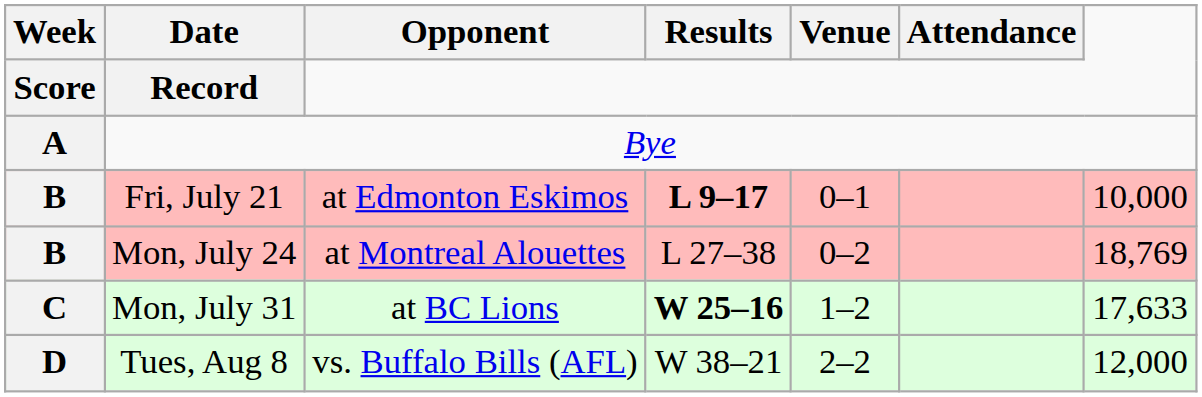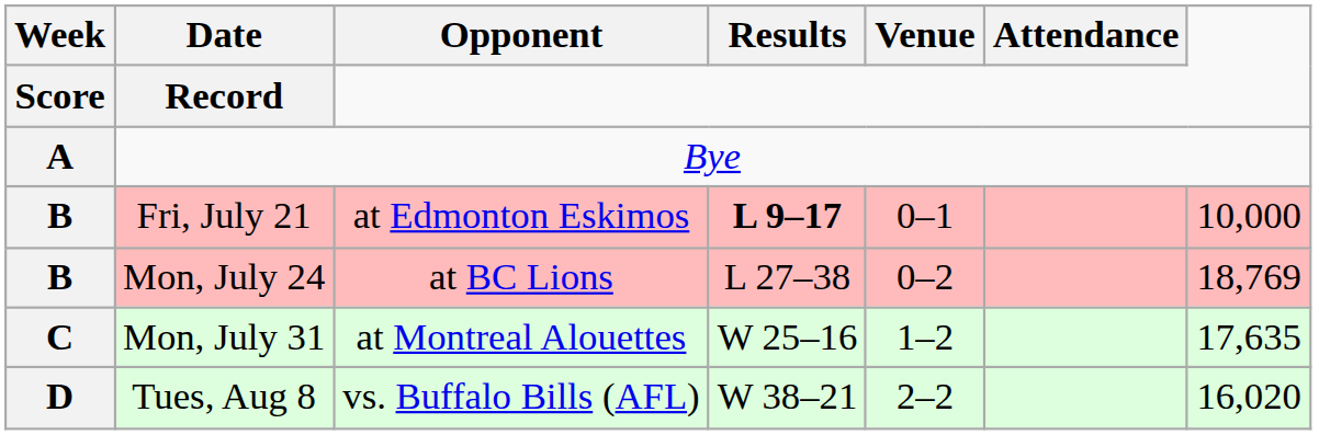 <table class="wikitable" style="text-align:center">
 <tr>
 <th>Week</th>
 <th>Date</th>
 <th>Opponent</th>
 <th>Results</th>
 <th>Venue</th>
 <th>Attendance</th>
 </tr>
 <tr>
 <th>Score</th>
 <th>Record</th>
 </tr>
 <tr>
 <th>A</th>
 <td colspan="7"><em><a href='#'>Bye</a></em></td>
 </tr>
 <tr style="background:#ffbbbb">
 <th>B</th>
 <td>Fri, July 21</td>
 <td>at <a href='#'>Edmonton Eskimos</a></td>
 <td><strong>L 9–17</strong></td>
 <td>0–1</td>
 <td></td>
 <td>10,000</td>
 </tr>
 <tr style="background:#ffbbbb">
 <th>B</th>
 <td>Mon, July 24</td>
-<td>at <a href='#'>Montreal Alouettes</a></td>
+<td>at <a href='#'>BC Lions</a></td>
 <td>L 27–38</td>
 <td>0–2</td>
 <td></td>
 <td>18,769</td>
 </tr>
 <tr style="background:#ddffdd">
 <th>C</th>
 <td>Mon, July 31</td>
-<td>at <a href='#'>BC Lions</a></td>
-<td><strong>W 25–16</strong></td>
+<td>at <a href='#'>Montreal Alouettes</a></td>
+<td>W 25–16</td>
 <td>1–2</td>
 <td></td>
-<td>17,633</td>
+<td>17,635</td>
 </tr>
 <tr style="background:#ddffdd">
 <th>D</th>
 <td>Tues, Aug 8</td>
 <td>vs. <a href='#'>Buffalo Bills</a> (<a href='#'>AFL</a>)</td>
 <td>W 38–21</td>
 <td>2–2</td>
 <td></td>
-<td>12,000</td>
+<td>16,020</td>
 </tr>
 </table>
